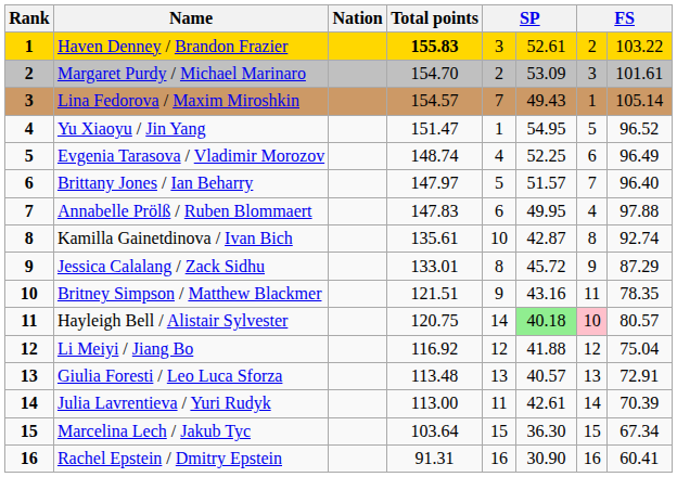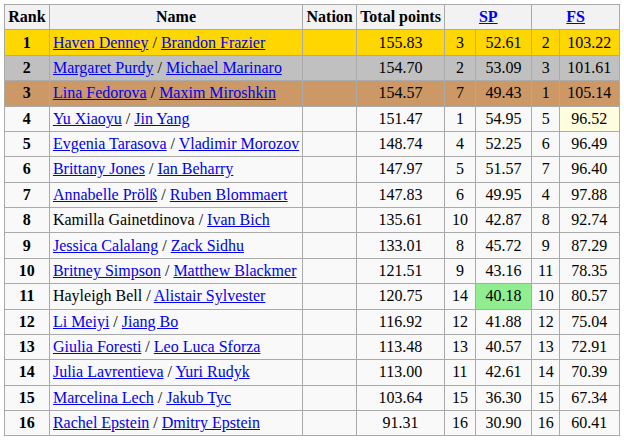 <table class="wikitable sortable">
 <tr>
 <th>Rank</th>
 <th>Name</th>
 <th>Nation</th>
 <th>Total points</th>
 <th colspan="2" width="80px"><a href='#'>SP</a></th>
 <th colspan="2" width="80px"><a href='#'>FS</a></th>
 </tr>
 <tr style="background-color: gold;">
 <td style="text-align: center;"><strong>1</strong></td>
 <td><a href='#'>Haven Denney</a> / <a href='#'>Brandon Frazier</a></td>
 <td></td>
-<td style="text-align: center;"><strong>155.83</strong></td>
+<td style="text-align: center;">155.83</td>
 <td style="text-align: center;">3</td>
 <td style="text-align: center;">52.61</td>
 <td style="text-align: center;">2</td>
 <td style="text-align: center;">103.22</td>
 </tr>
 <tr style="background-color: silver;">
 <td style="text-align: center;"><strong>2</strong></td>
 <td><a href='#'>Margaret Purdy</a> / <a href='#'>Michael Marinaro</a></td>
 <td></td>
 <td style="text-align: center;">154.70</td>
 <td style="text-align: center;">2</td>
 <td style="text-align: center;">53.09</td>
 <td style="text-align: center;">3</td>
 <td style="text-align: center;">101.61</td>
 </tr>
 <tr style="background-color: #cc9966;">
 <td style="text-align: center;"><strong>3</strong></td>
 <td><a href='#'>Lina Fedorova</a> / <a href='#'>Maxim Miroshkin</a></td>
 <td></td>
 <td style="text-align: center;">154.57</td>
 <td style="text-align: center;">7</td>
 <td style="text-align: center;">49.43</td>
 <td style="text-align: center;">1</td>
 <td style="text-align: center;">105.14</td>
 </tr>
 <tr>
 <td style="text-align: center;"><strong>4</strong></td>
 <td><a href='#'>Yu Xiaoyu</a> / <a href='#'>Jin Yang</a></td>
 <td></td>
 <td style="text-align: center;">151.47</td>
 <td style="text-align: center;">1</td>
 <td style="text-align: center;">54.95</td>
 <td style="text-align: center;">5</td>
-<td style="text-align: center;">96.52</td>
+<td style="background: lightyellow; text-align: center;">96.52</td>
 </tr>
 <tr>
 <td style="text-align: center;"><strong>5</strong></td>
 <td><a href='#'>Evgenia Tarasova</a> / <a href='#'>Vladimir Morozov</a></td>
 <td></td>
 <td style="text-align: center;">148.74</td>
 <td style="text-align: center;">4</td>
 <td style="text-align: center;">52.25</td>
 <td style="text-align: center;">6</td>
 <td style="text-align: center;">96.49</td>
 </tr>
 <tr>
 <td style="text-align: center;"><strong>6</strong></td>
 <td><a href='#'>Brittany Jones</a> / <a href='#'>Ian Beharry</a></td>
 <td></td>
 <td style="text-align: center;">147.97</td>
 <td style="text-align: center;">5</td>
 <td style="text-align: center;">51.57</td>
 <td style="text-align: center;">7</td>
 <td style="text-align: center;">96.40</td>
 </tr>
 <tr>
 <td style="text-align: center;"><strong>7</strong></td>
 <td><a href='#'>Annabelle Prölß</a> / <a href='#'>Ruben Blommaert</a></td>
 <td></td>
 <td style="text-align: center;">147.83</td>
 <td style="text-align: center;">6</td>
 <td style="text-align: center;">49.95</td>
 <td style="text-align: center;">4</td>
 <td style="text-align: center;">97.88</td>
 </tr>
 <tr>
 <td style="text-align: center;"><strong>8</strong></td>
 <td>Kamilla Gainetdinova / <a href='#'>Ivan Bich</a></td>
 <td></td>
 <td style="text-align: center;">135.61</td>
 <td style="text-align: center;">10</td>
 <td style="text-align: center;">42.87</td>
 <td style="text-align: center;">8</td>
 <td style="text-align: center;">92.74</td>
 </tr>
 <tr>
 <td style="text-align: center;"><strong>9</strong></td>
 <td><a href='#'>Jessica Calalang</a> / <a href='#'>Zack Sidhu</a></td>
 <td></td>
 <td style="text-align: center;">133.01</td>
 <td style="text-align: center;">8</td>
 <td style="text-align: center;">45.72</td>
 <td style="text-align: center;">9</td>
 <td style="text-align: center;">87.29</td>
 </tr>
 <tr>
 <td style="text-align: center;"><strong>10</strong></td>
 <td><a href='#'>Britney Simpson</a> / <a href='#'>Matthew Blackmer</a></td>
 <td></td>
 <td style="text-align: center;">121.51</td>
 <td style="text-align: center;">9</td>
 <td style="text-align: center;">43.16</td>
 <td style="text-align: center;">11</td>
 <td style="text-align: center;">78.35</td>
 </tr>
 <tr>
 <td style="text-align: center;"><strong>11</strong></td>
 <td>Hayleigh Bell / <a href='#'>Alistair Sylvester</a></td>
 <td></td>
 <td style="text-align: center;">120.75</td>
 <td style="text-align: center;">14</td>
 <td style="background: lightgreen; text-align: center;">40.18</td>
-<td style="background: pink; text-align: center;">10</td>
+<td style="text-align: center;">10</td>
 <td style="text-align: center;">80.57</td>
 </tr>
 <tr>
 <td style="text-align: center;"><strong>12</strong></td>
 <td><a href='#'>Li Meiyi</a> / <a href='#'>Jiang Bo</a></td>
 <td></td>
 <td style="text-align: center;">116.92</td>
 <td style="text-align: center;">12</td>
 <td style="text-align: center;">41.88</td>
 <td style="text-align: center;">12</td>
 <td style="text-align: center;">75.04</td>
 </tr>
 <tr>
 <td style="text-align: center;"><strong>13</strong></td>
 <td><a href='#'>Giulia Foresti</a> / <a href='#'>Leo Luca Sforza</a></td>
 <td></td>
 <td style="text-align: center;">113.48</td>
 <td style="text-align: center;">13</td>
 <td style="text-align: center;">40.57</td>
 <td style="text-align: center;">13</td>
 <td style="text-align: center;">72.91</td>
 </tr>
 <tr>
 <td style="text-align: center;"><strong>14</strong></td>
 <td><a href='#'>Julia Lavrentieva</a> / <a href='#'>Yuri Rudyk</a></td>
 <td></td>
 <td style="text-align: center;">113.00</td>
 <td style="text-align: center;">11</td>
 <td style="text-align: center;">42.61</td>
 <td style="text-align: center;">14</td>
 <td style="text-align: center;">70.39</td>
 </tr>
 <tr>
 <td style="text-align: center;"><strong>15</strong></td>
 <td><a href='#'>Marcelina Lech</a> / <a href='#'>Jakub Tyc</a></td>
 <td></td>
 <td style="text-align: center;">103.64</td>
 <td style="text-align: center;">15</td>
 <td style="text-align: center;">36.30</td>
 <td style="text-align: center;">15</td>
 <td style="text-align: center;">67.34</td>
 </tr>
 <tr>
 <td style="text-align: center;"><strong>16</strong></td>
 <td><a href='#'>Rachel Epstein</a> / <a href='#'>Dmitry Epstein</a></td>
 <td></td>
 <td style="text-align: center;">91.31</td>
 <td style="text-align: center;">16</td>
 <td style="text-align: center;">30.90</td>
 <td style="text-align: center;">16</td>
 <td style="text-align: center;">60.41</td>
 </tr>
 </table>
